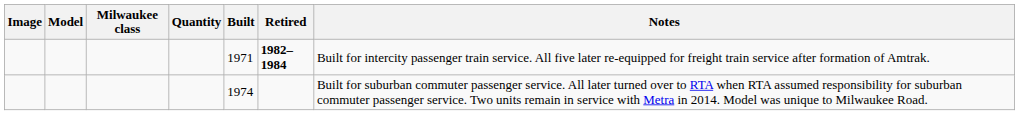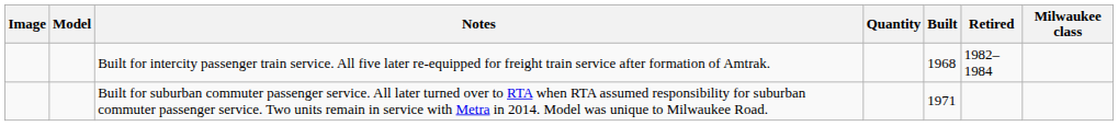 <table class="wikitable sortable">
 <tr>
 <th>Image</th>
 <th>Model</th>
-<th>Milwaukee class</th>
+<th>Notes</th>
 <th>Quantity</th>
 <th>Built</th>
 <th>Retired</th>
-<th>Notes</th>
+<th>Milwaukee class</th>
 </tr>
 <tr>
 <td></td>
 <td></td>
+<td>Built for intercity passenger train service. All five later re-equipped for freight train service after formation of Amtrak.</td>
 <td></td>
+<td>1968</td>
+<td>1982–1984</td>
 <td></td>
-<td>1971</td>
-<td><strong>1982–1984</strong></td>
-<td>Built for intercity passenger train service. All five later re-equipped for freight train service after formation of Amtrak.</td>
 </tr>
 <tr>
 <td></td>
 <td></td>
+<td>Built for suburban commuter passenger service. All later turned over to <a href='#'>RTA</a> when RTA assumed responsibility for suburban commuter passenger service. Two units remain in service with <a href='#'>Metra</a> in 2014. Model was unique to Milwaukee Road.</td>
+<td></td>
+<td>1971</td>
 <td></td>
 <td></td>
-<td>1974</td>
-<td></td>
-<td>Built for suburban commuter passenger service. All later turned over to <a href='#'>RTA</a> when RTA assumed responsibility for suburban commuter passenger service. Two units remain in service with <a href='#'>Metra</a> in 2014. Model was unique to Milwaukee Road.</td>
 </tr>
 </table>
